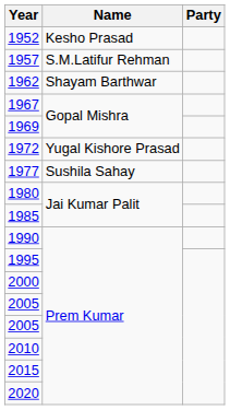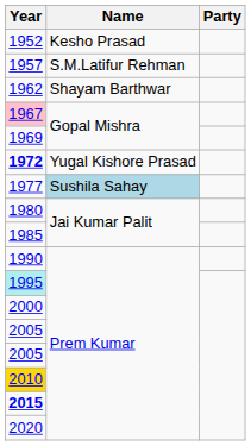 <table class="wikitable sortable">
 <tr>
 <th>Year</th>
 <th>Name</th>
 <th colspan="2">Party</th>
 </tr>
 <tr>
 <td><a href='#'>1952</a></td>
 <td>Kesho Prasad</td>
 <td></td>
 </tr>
 <tr>
 <td><a href='#'>1957</a></td>
 <td>S.M.Latifur Rehman</td>
 </tr>
 <tr>
 <td><a href='#'>1962</a></td>
 <td>Shayam Barthwar</td>
 <td></td>
 </tr>
 <tr>
-<td><a href='#'>1967</a></td>
+<td style="background: pink;"><a href='#'>1967</a></td>
 <td rowspan="2">Gopal Mishra</td>
 <td></td>
 </tr>
 <tr>
 <td><a href='#'>1969</a></td>
 </tr>
 <tr>
-<td><a href='#'>1972</a></td>
+<td><strong><a href='#'>1972</a></strong></td>
 <td>Yugal Kishore Prasad</td>
 <td></td>
 </tr>
 <tr>
 <td><a href='#'>1977</a></td>
-<td>Sushila Sahay</td>
+<td style="background: lightblue;">Sushila Sahay</td>
 <td></td>
 </tr>
 <tr>
 <td><a href='#'>1980</a></td>
 <td rowspan="2">Jai Kumar Palit</td>
 <td></td>
 </tr>
 <tr>
 <td><a href='#'>1985</a></td>
 </tr>
 <tr>
 <td><a href='#'>1990</a></td>
 <td rowspan="8"><a href='#'>Prem Kumar</a></td>
 <td></td>
 </tr>
 <tr>
-<td><a href='#'>1995</a></td>
+<td style="background: paleturquoise;"><a href='#'>1995</a></td>
 </tr>
 <tr>
 <td><a href='#'>2000</a></td>
 </tr>
 <tr>
 <td><a href='#'>2005</a></td>
 </tr>
 <tr>
 <td><a href='#'>2005</a></td>
 </tr>
 <tr>
-<td><a href='#'>2010</a></td>
+<td style="background: gold;"><a href='#'>2010</a></td>
 </tr>
 <tr>
-<td><a href='#'>2015</a></td>
+<td><strong><a href='#'>2015</a></strong></td>
 </tr>
 <tr>
 <td><a href='#'>2020</a></td>
 </tr>
 </table>
